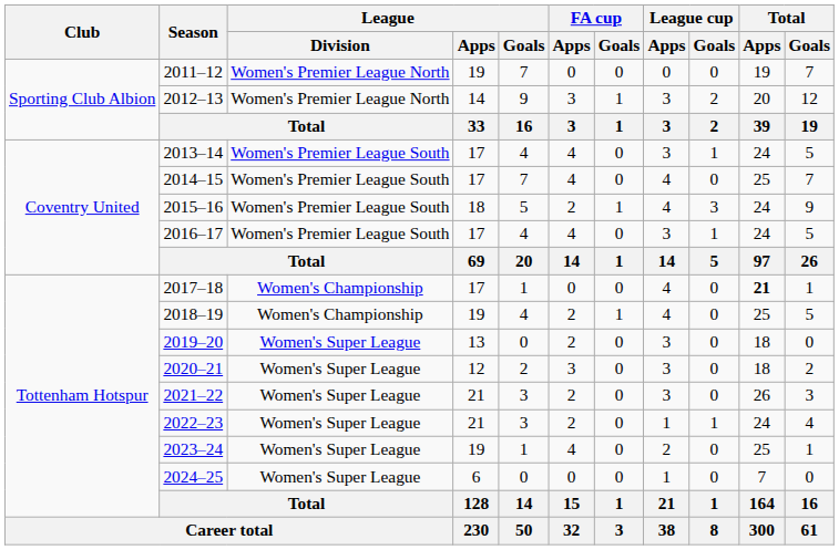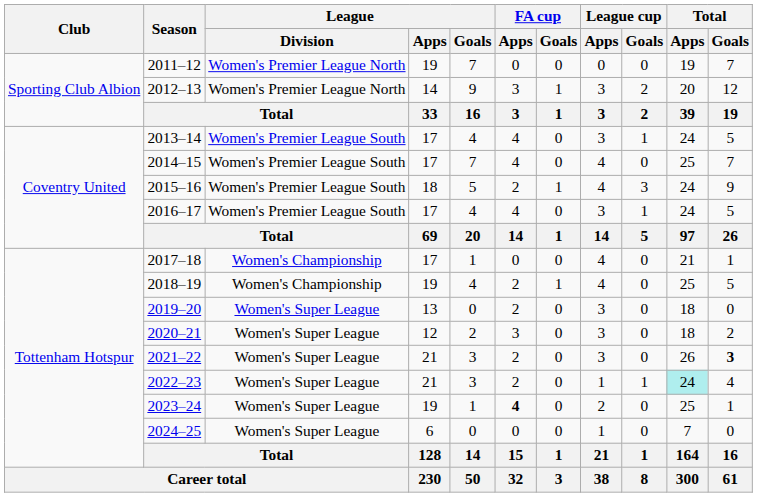 <table class="wikitable" style="text-align:center">
 <tr>
 <th rowspan="2">Club</th>
 <th rowspan="2">Season</th>
 <th colspan="3">League</th>
 <th colspan="2"><a href='#'>FA cup</a></th>
 <th colspan="2">League cup</th>
 <th colspan="2">Total</th>
 </tr>
 <tr>
 <th>Division</th>
 <th>Apps</th>
 <th>Goals</th>
 <th>Apps</th>
 <th>Goals</th>
 <th>Apps</th>
 <th>Goals</th>
 <th>Apps</th>
 <th>Goals</th>
 </tr>
 <tr>
 <td rowspan="3"><a href='#'>Sporting Club Albion</a></td>
 <td>2011–12</td>
 <td><a href='#'>Women's Premier League North</a></td>
 <td>19</td>
 <td>7</td>
 <td>0</td>
 <td>0</td>
 <td>0</td>
 <td>0</td>
 <td>19</td>
 <td>7</td>
 </tr>
 <tr>
 <td>2012–13</td>
 <td>Women's Premier League North</td>
 <td>14</td>
 <td>9</td>
 <td>3</td>
 <td>1</td>
 <td>3</td>
 <td>2</td>
 <td>20</td>
 <td>12</td>
 </tr>
 <tr>
 <th colspan="2">Total</th>
 <th>33</th>
 <th>16</th>
 <th>3</th>
 <th>1</th>
 <th>3</th>
 <th>2</th>
 <th>39</th>
 <th>19</th>
 </tr>
 <tr>
 <td rowspan="5"><a href='#'>Coventry United</a></td>
 <td>2013–14</td>
 <td><a href='#'>Women's Premier League South</a></td>
 <td>17</td>
 <td>4</td>
 <td>4</td>
 <td>0</td>
 <td>3</td>
 <td>1</td>
 <td>24</td>
 <td>5</td>
 </tr>
 <tr>
 <td>2014–15</td>
 <td>Women's Premier League South</td>
 <td>17</td>
 <td>7</td>
 <td>4</td>
 <td>0</td>
 <td>4</td>
 <td>0</td>
 <td>25</td>
 <td>7</td>
 </tr>
 <tr>
 <td>2015–16</td>
 <td>Women's Premier League South</td>
 <td>18</td>
 <td>5</td>
 <td>2</td>
 <td>1</td>
 <td>4</td>
 <td>3</td>
 <td>24</td>
 <td>9</td>
 </tr>
 <tr>
 <td>2016–17</td>
 <td>Women's Premier League South</td>
 <td>17</td>
 <td>4</td>
 <td>4</td>
 <td>0</td>
 <td>3</td>
 <td>1</td>
 <td>24</td>
 <td>5</td>
 </tr>
 <tr>
 <th colspan="2">Total</th>
 <th>69</th>
 <th>20</th>
 <th>14</th>
 <th>1</th>
 <th>14</th>
 <th>5</th>
 <th>97</th>
 <th>26</th>
 </tr>
 <tr>
 <td rowspan="9"><a href='#'>Tottenham Hotspur</a></td>
 <td>2017–18</td>
 <td><a href='#'>Women's Championship</a></td>
 <td>17</td>
 <td>1</td>
 <td>0</td>
 <td>0</td>
 <td>4</td>
 <td>0</td>
-<td><strong>21</strong></td>
+<td>21</td>
 <td>1</td>
 </tr>
 <tr>
 <td>2018–19</td>
 <td>Women's Championship</td>
 <td>19</td>
 <td>4</td>
 <td>2</td>
 <td>1</td>
 <td>4</td>
 <td>0</td>
 <td>25</td>
 <td>5</td>
 </tr>
 <tr>
 <td><a href='#'>2019–20</a></td>
 <td><a href='#'>Women's Super League</a></td>
 <td>13</td>
 <td>0</td>
 <td>2</td>
 <td>0</td>
 <td>3</td>
 <td>0</td>
 <td>18</td>
 <td>0</td>
 </tr>
 <tr>
 <td><a href='#'>2020–21</a></td>
 <td>Women's Super League</td>
 <td>12</td>
 <td>2</td>
 <td>3</td>
 <td>0</td>
 <td>3</td>
 <td>0</td>
 <td>18</td>
 <td>2</td>
 </tr>
 <tr>
 <td><a href='#'>2021–22</a></td>
 <td>Women's Super League</td>
 <td>21</td>
 <td>3</td>
 <td>2</td>
 <td>0</td>
 <td>3</td>
 <td>0</td>
 <td>26</td>
-<td>3</td>
+<td><strong>3</strong></td>
 </tr>
 <tr>
 <td><a href='#'>2022–23</a></td>
 <td>Women's Super League</td>
 <td>21</td>
 <td>3</td>
 <td>2</td>
 <td>0</td>
 <td>1</td>
 <td>1</td>
-<td>24</td>
+<td style="background: paleturquoise;">24</td>
 <td>4</td>
 </tr>
 <tr>
 <td><a href='#'>2023–24</a></td>
 <td>Women's Super League</td>
 <td>19</td>
 <td>1</td>
-<td>4</td>
+<td><strong>4</strong></td>
 <td>0</td>
 <td>2</td>
 <td>0</td>
 <td>25</td>
 <td>1</td>
 </tr>
 <tr>
 <td><a href='#'>2024–25</a></td>
 <td>Women's Super League</td>
 <td>6</td>
 <td>0</td>
 <td>0</td>
 <td>0</td>
 <td>1</td>
 <td>0</td>
 <td>7</td>
 <td>0</td>
 </tr>
 <tr>
 <th colspan="2">Total</th>
 <th>128</th>
 <th>14</th>
 <th>15</th>
 <th>1</th>
 <th>21</th>
 <th>1</th>
 <th>164</th>
 <th>16</th>
 </tr>
 <tr>
 <th colspan="3">Career total</th>
 <th>230</th>
 <th>50</th>
 <th>32</th>
 <th>3</th>
 <th>38</th>
 <th>8</th>
 <th>300</th>
 <th>61</th>
 </tr>
 </table>
